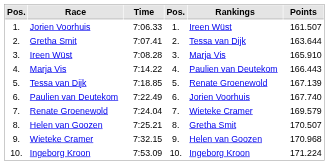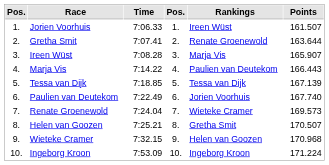 <table cellspacing="1" cellpadding="3" style="border:1px solid #AAAAAA;font-size:90%">
 <tr bgcolor="#E4E4E4">
 <th style="border-bottom:1px solid #AAAAAA" width=10>Pos.</th>
 <th style="border-bottom:1px solid #AAAAAA" width=150>Race</th>
 <th style="border-bottom:1px solid #AAAAAA" width=60>Time</th>
 <th style="border-bottom:1px solid #AAAAAA" width=10>Pos.</th>
 <th style="border-bottom:1px solid #AAAAAA" width=150>Rankings</th>
 <th style="border-bottom:1px solid #AAAAAA" width=60>Points</th>
 </tr>
 <tr>
 <td align="center">1.</td>
 <td><a href='#'>Jorien Voorhuis</a></td>
 <td align="right">7:06.33</td>
 <td align="center">1.</td>
 <td><a href='#'>Ireen Wüst</a></td>
 <td align="right">161.507</td>
 </tr>
 <tr>
 <td align="center">2.</td>
 <td><a href='#'>Gretha Smit</a></td>
 <td align="right">7:07.41</td>
 <td align="center">2.</td>
-<td><a href='#'>Tessa van Dijk</a></td>
+<td><a href='#'>Renate Groenewold</a></td>
 <td align="right">163.644</td>
 </tr>
 <tr>
 <td align="center">3.</td>
 <td><a href='#'>Ireen Wüst</a></td>
 <td align="right">7:08.28</td>
 <td align="center">3.</td>
 <td><a href='#'>Marja Vis</a></td>
-<td align="right">165.910</td>
+<td align="right">165.907</td>
 </tr>
 <tr>
 <td align="center">4.</td>
 <td><a href='#'>Marja Vis</a></td>
 <td align="right">7:14.22</td>
 <td align="center">4.</td>
 <td><a href='#'>Paulien van Deutekom</a></td>
 <td align="right">166.443</td>
 </tr>
 <tr>
 <td align="center">5.</td>
 <td><a href='#'>Tessa van Dijk</a></td>
 <td align="right">7:18.85</td>
 <td align="center">5.</td>
-<td><a href='#'>Renate Groenewold</a></td>
+<td><a href='#'>Tessa van Dijk</a></td>
 <td align="right">167.139</td>
 </tr>
 <tr>
 <td align="center">6.</td>
 <td><a href='#'>Paulien van Deutekom</a></td>
 <td align="right">7:22.49</td>
 <td align="center">6.</td>
 <td><a href='#'>Jorien Voorhuis</a></td>
 <td align="right">167.740</td>
 </tr>
 <tr>
 <td align="center">7.</td>
 <td><a href='#'>Renate Groenewold</a></td>
 <td align="right">7:24.04</td>
 <td align="center">7.</td>
 <td><a href='#'>Wieteke Cramer</a></td>
-<td align="right">169.579</td>
+<td align="right">169.573</td>
 </tr>
 <tr>
 <td align="center">8.</td>
 <td><a href='#'>Helen van Goozen</a></td>
 <td align="right">7:25.21</td>
 <td align="center">8.</td>
 <td><a href='#'>Gretha Smit</a></td>
 <td align="right">170.507</td>
 </tr>
 <tr>
 <td align="center">9.</td>
 <td><a href='#'>Wieteke Cramer</a></td>
 <td align="right">7:32.15</td>
 <td align="center">9.</td>
 <td><a href='#'>Helen van Goozen</a></td>
 <td align="right">170.968</td>
 </tr>
 <tr>
 <td align="center">10.</td>
 <td><a href='#'>Ingeborg Kroon</a></td>
 <td align="right">7:53.09</td>
 <td align="center">10.</td>
 <td><a href='#'>Ingeborg Kroon</a></td>
 <td align="right">171.224</td>
 </tr>
 </table>
